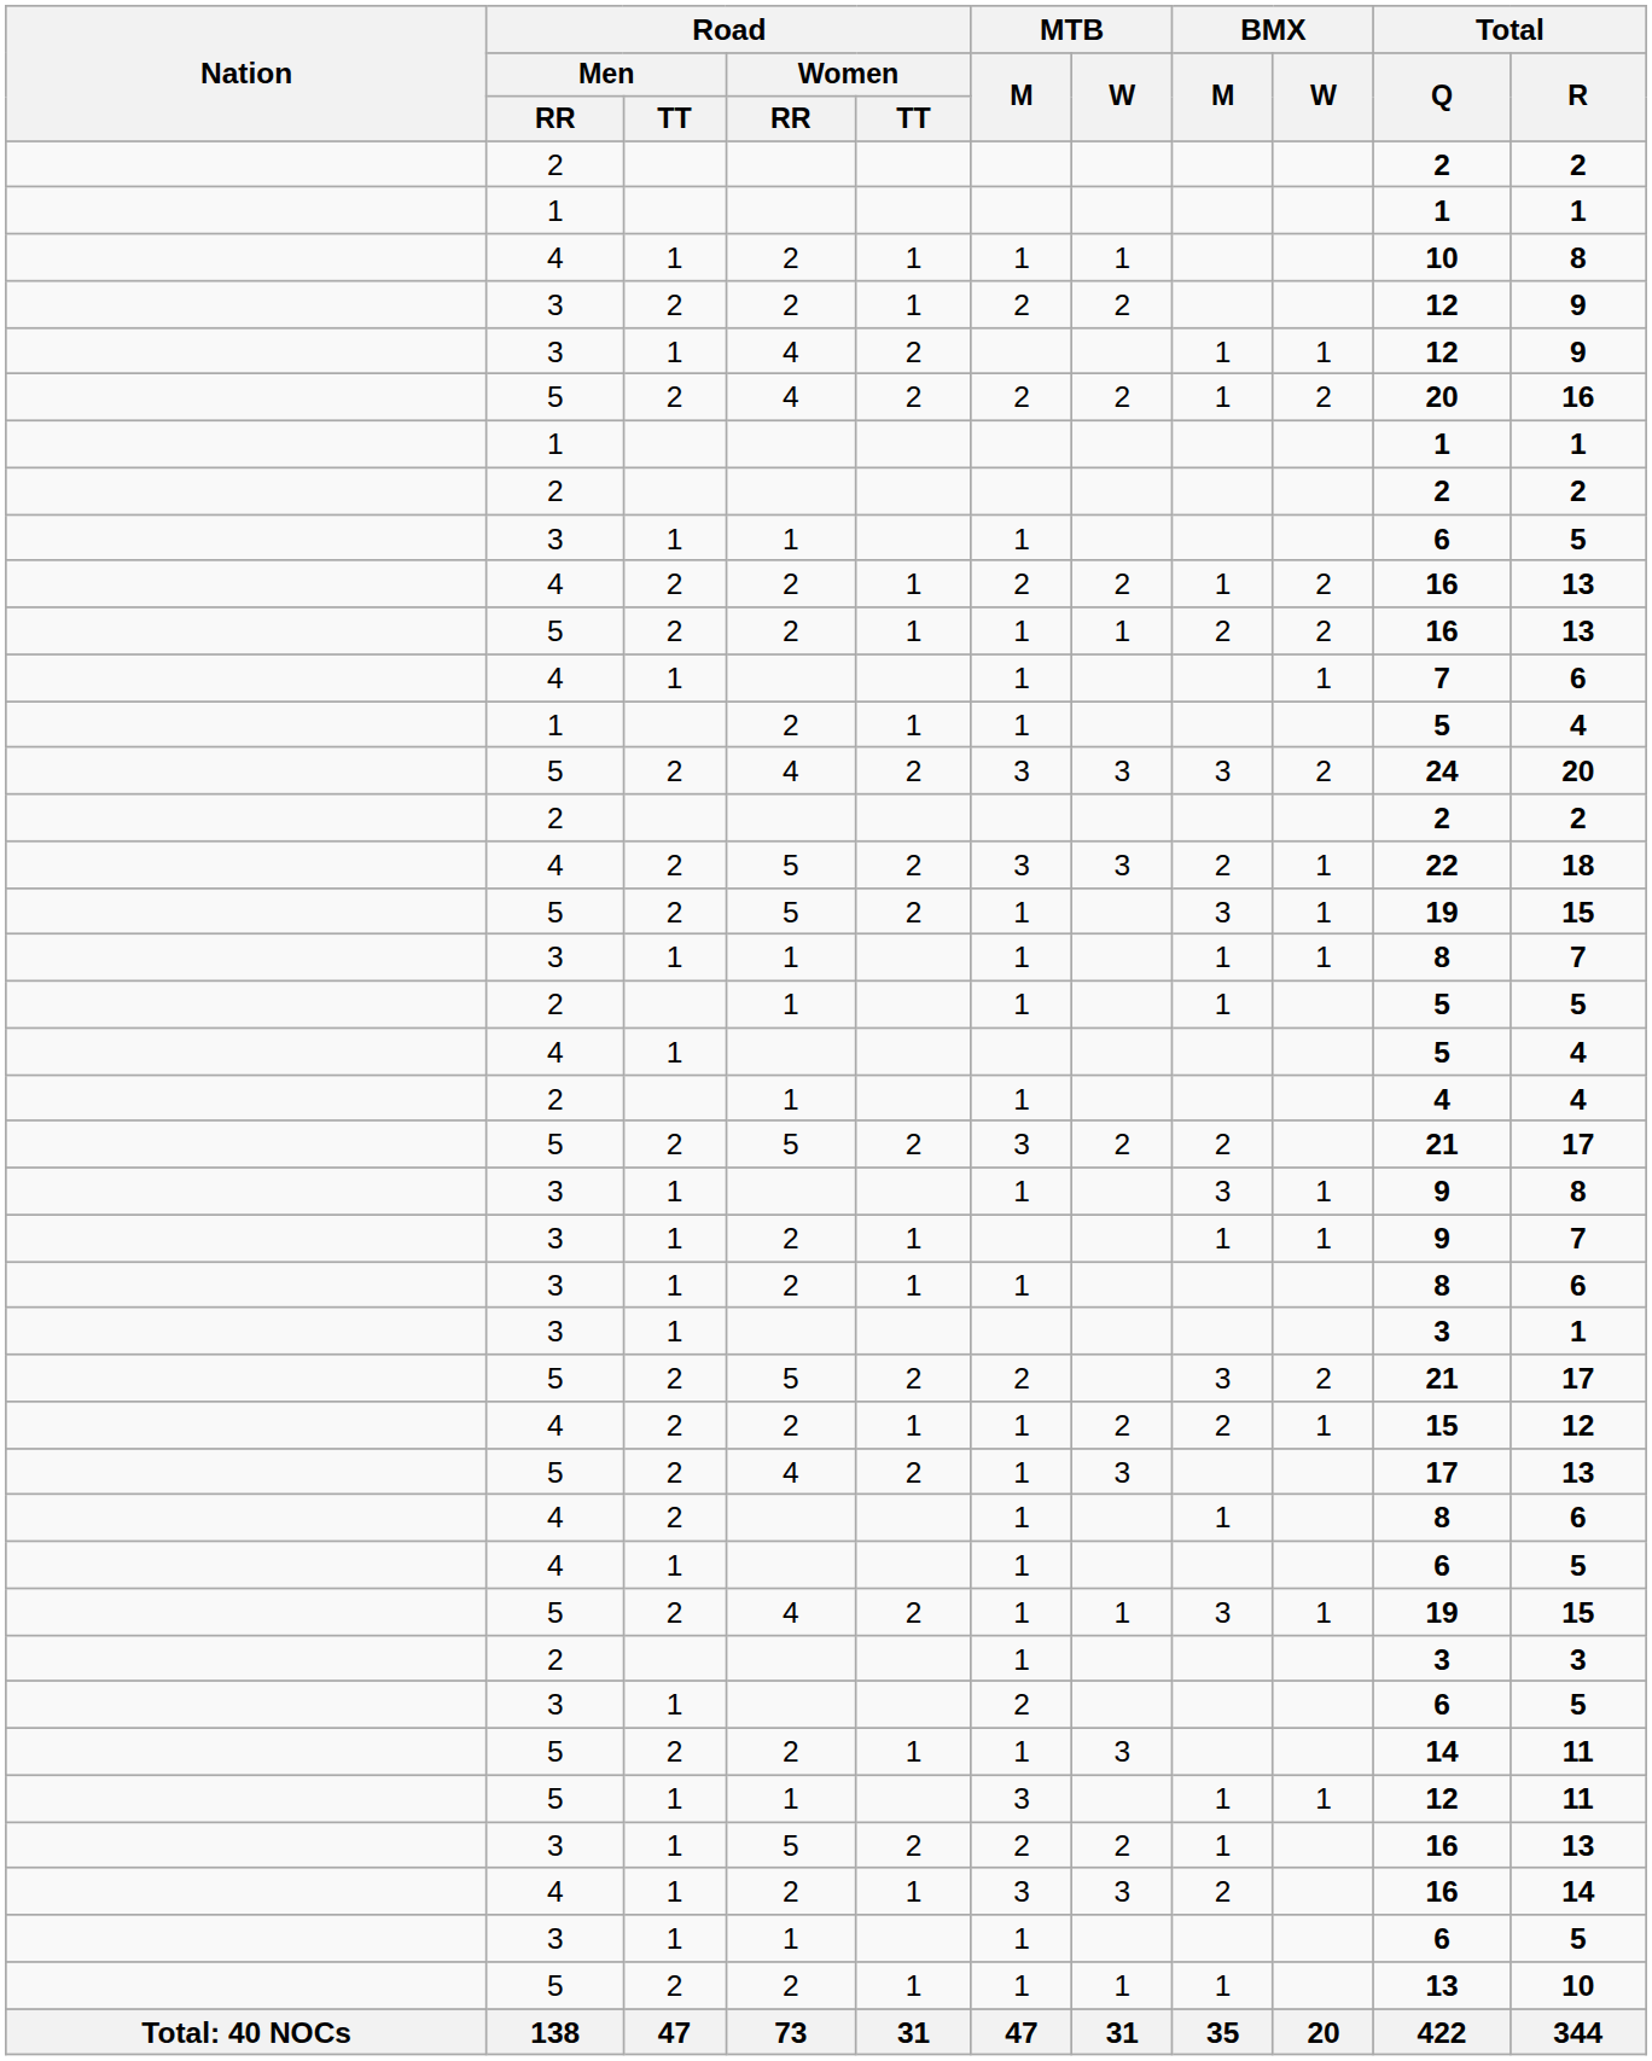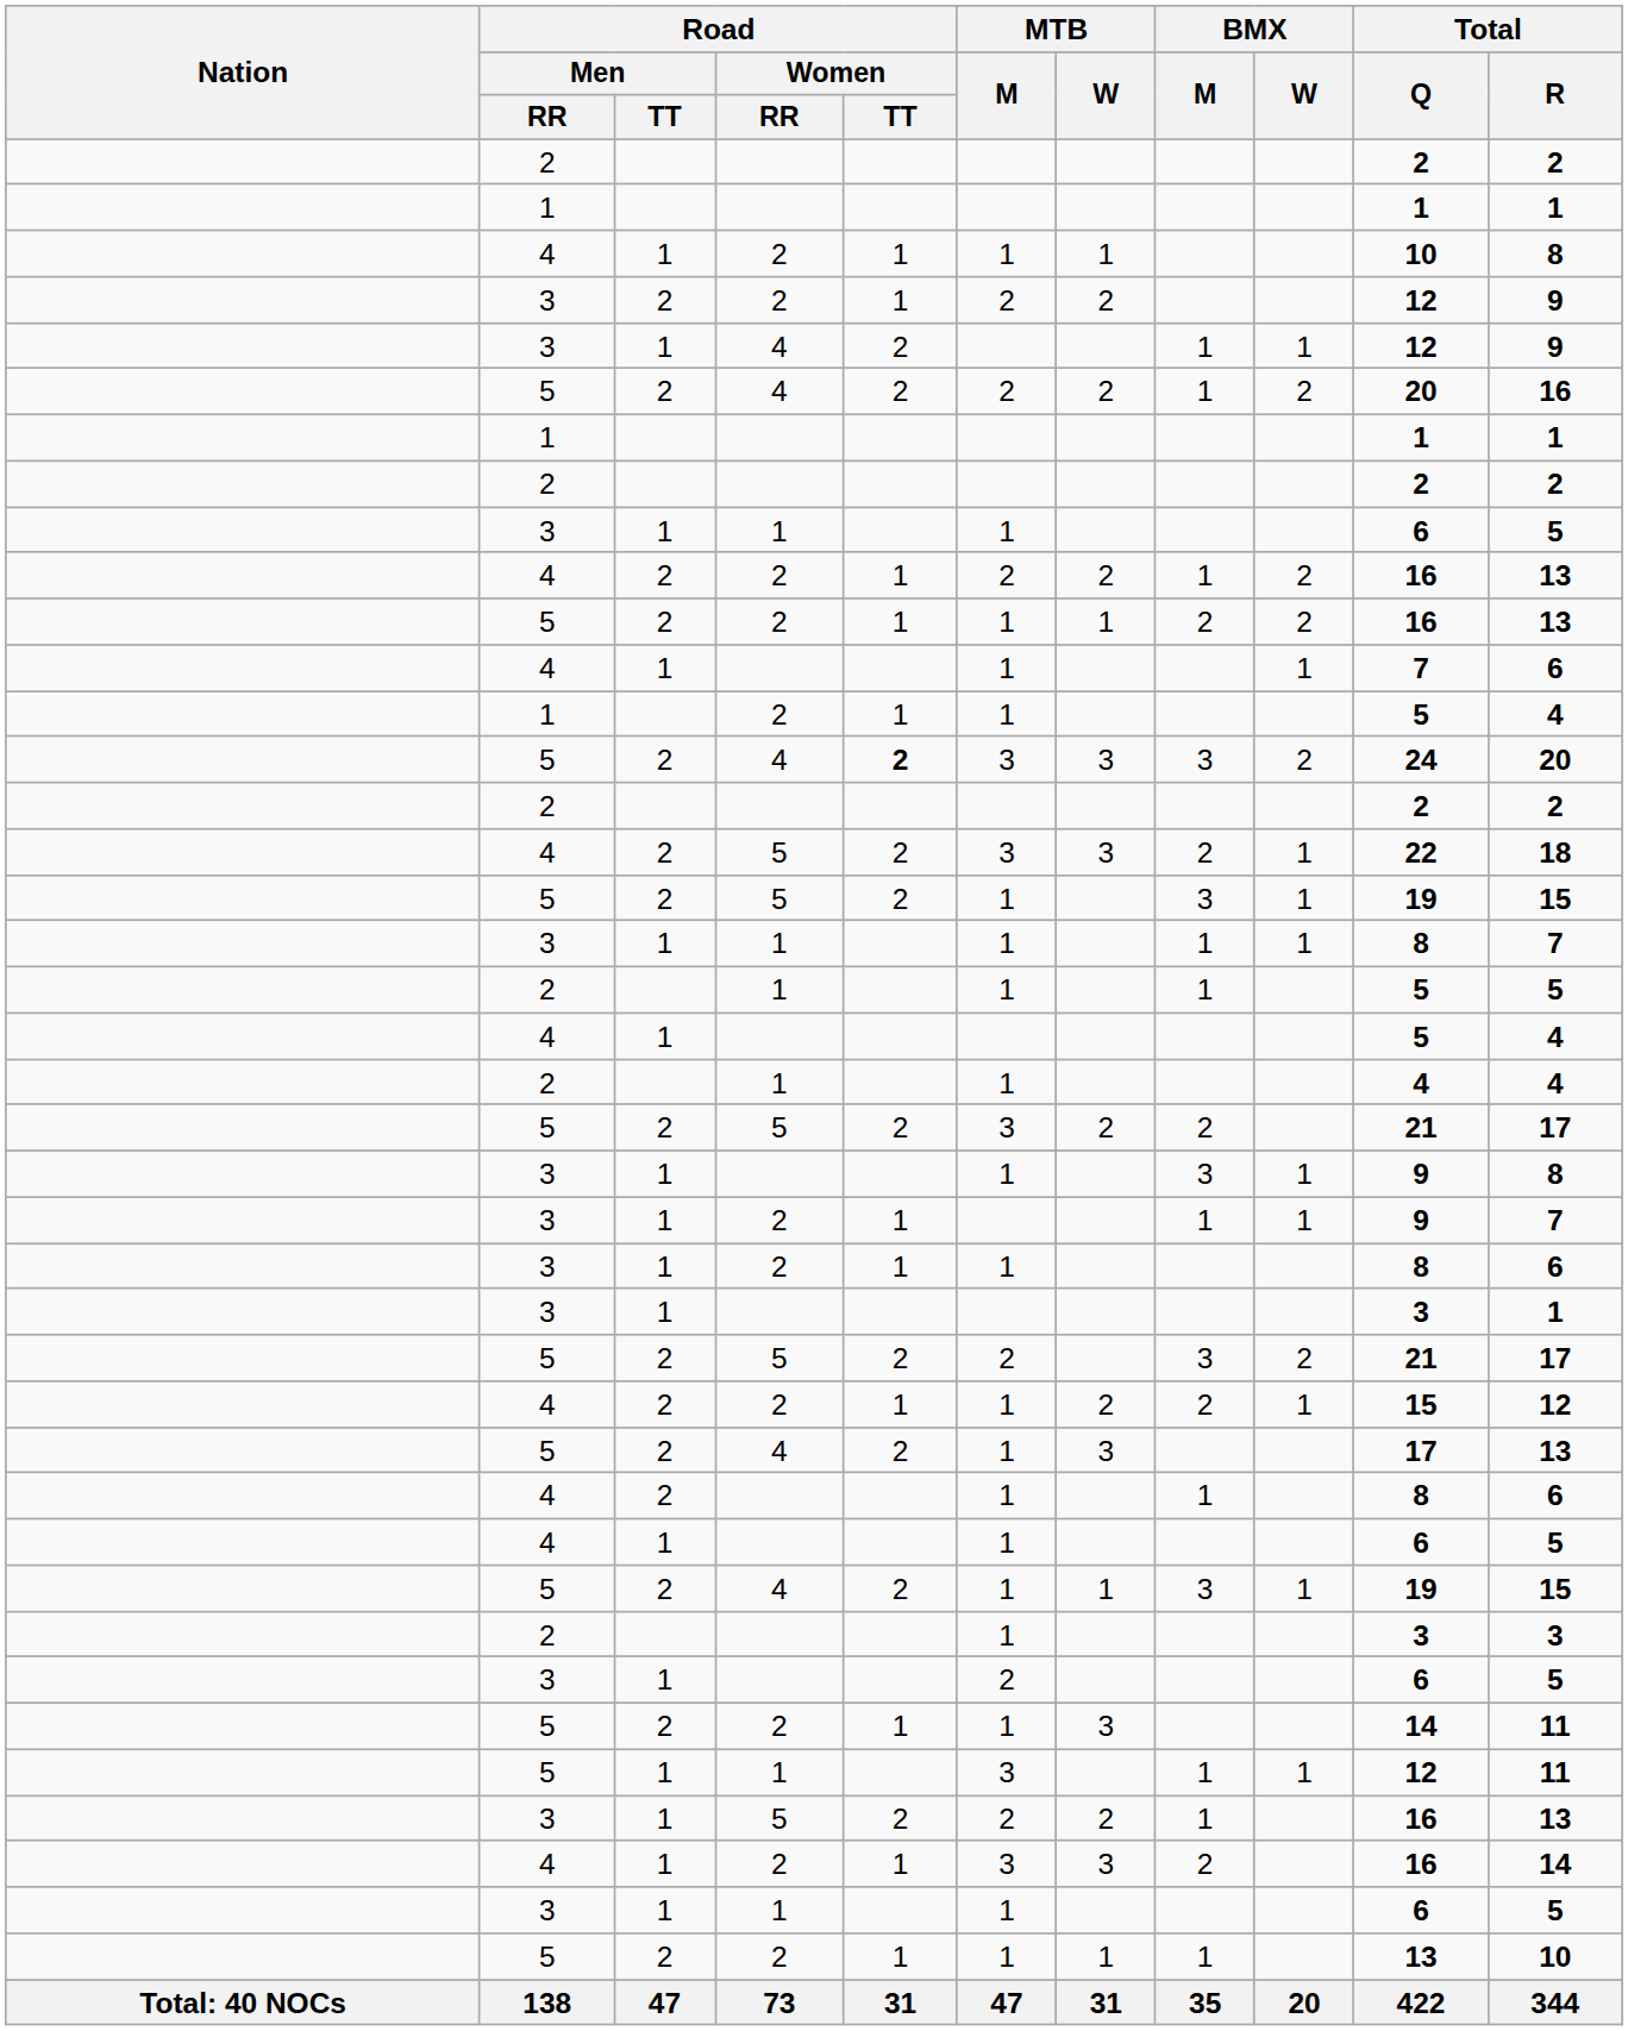 <table class="wikitable"  style="width:800px; text-align:center; font-size:90%;">
 <tr>
 <th rowspan="3">Nation</th>
 <th colspan=4>Road</th>
 <th colspan=2>MTB</th>
 <th colspan=2>BMX</th>
 <th colspan=2>Total</th>
 </tr>
 <tr style="font-size:95%">
 <th colspan=2>Men</th>
 <th colspan=2>Women</th>
 <th rowspan=2>M</th>
 <th rowspan=2>W</th>
 <th rowspan=2>M</th>
 <th rowspan=2>W</th>
 <th rowspan=2>Q</th>
 <th rowspan=2>R</th>
 </tr>
 <tr style="font-size:95%">
 <th>RR</th>
 <th>TT</th>
 <th>RR</th>
 <th>TT</th>
 </tr>
 <tr>
 <td align=left></td>
 <td>2</td>
 <td></td>
 <td></td>
 <td></td>
 <td></td>
 <td></td>
 <td></td>
 <td></td>
 <td><strong>2</strong></td>
 <td><strong>2</strong></td>
 </tr>
 <tr>
 <td align=left></td>
 <td>1</td>
 <td></td>
 <td></td>
 <td></td>
 <td></td>
 <td></td>
 <td></td>
 <td></td>
 <td><strong>1</strong></td>
 <td><strong>1</strong></td>
 </tr>
 <tr>
 <td align=left></td>
 <td>4</td>
 <td>1</td>
 <td>2</td>
 <td>1</td>
 <td>1</td>
 <td>1</td>
 <td></td>
 <td></td>
 <td><strong>10</strong></td>
 <td><strong>8</strong></td>
 </tr>
 <tr>
 <td align=left></td>
 <td>3</td>
 <td>2</td>
 <td>2</td>
 <td>1</td>
 <td>2</td>
 <td>2</td>
 <td></td>
 <td></td>
 <td><strong>12</strong></td>
 <td><strong>9</strong></td>
 </tr>
 <tr>
 <td align=left></td>
 <td>3</td>
 <td>1</td>
 <td>4</td>
 <td>2</td>
 <td></td>
 <td></td>
 <td>1</td>
 <td>1</td>
 <td><strong>12</strong></td>
 <td><strong>9</strong></td>
 </tr>
 <tr>
 <td align=left></td>
 <td>5</td>
 <td>2</td>
 <td>4</td>
 <td>2</td>
 <td>2</td>
 <td>2</td>
 <td>1</td>
 <td>2</td>
 <td><strong>20</strong></td>
 <td><strong>16</strong></td>
 </tr>
 <tr>
 <td align=left></td>
 <td>1</td>
 <td></td>
 <td></td>
 <td></td>
 <td></td>
 <td></td>
 <td></td>
 <td></td>
 <td><strong>1</strong></td>
 <td><strong>1</strong></td>
 </tr>
 <tr>
 <td align=left></td>
 <td>2</td>
 <td></td>
 <td></td>
 <td></td>
 <td></td>
 <td></td>
 <td></td>
 <td></td>
 <td><strong>2</strong></td>
 <td><strong>2</strong></td>
 </tr>
 <tr>
 <td align=left></td>
 <td>3</td>
 <td>1</td>
 <td>1</td>
 <td></td>
 <td>1</td>
 <td></td>
 <td></td>
 <td></td>
 <td><strong>6</strong></td>
 <td><strong>5</strong></td>
 </tr>
 <tr>
 <td align=left></td>
 <td>4</td>
 <td>2</td>
 <td>2</td>
 <td>1</td>
 <td>2</td>
 <td>2</td>
 <td>1</td>
 <td>2</td>
 <td><strong>16</strong></td>
 <td><strong>13</strong></td>
 </tr>
 <tr>
 <td align=left></td>
 <td>5</td>
 <td>2</td>
 <td>2</td>
 <td>1</td>
 <td>1</td>
 <td>1</td>
 <td>2</td>
 <td>2</td>
 <td><strong>16</strong></td>
 <td><strong>13</strong></td>
 </tr>
 <tr>
 <td align=left></td>
 <td>4</td>
 <td>1</td>
 <td></td>
 <td></td>
 <td>1</td>
 <td></td>
 <td></td>
 <td>1</td>
 <td><strong>7</strong></td>
 <td><strong>6</strong></td>
 </tr>
 <tr>
 <td align=left></td>
 <td>1</td>
 <td></td>
 <td>2</td>
 <td>1</td>
 <td>1</td>
 <td></td>
 <td></td>
 <td></td>
 <td><strong>5</strong></td>
 <td><strong>4</strong></td>
 </tr>
 <tr>
 <td align=left></td>
 <td>5</td>
 <td>2</td>
 <td>4</td>
-<td>2</td>
+<td><strong>2</strong></td>
 <td>3</td>
 <td>3</td>
 <td>3</td>
 <td>2</td>
 <td><strong>24</strong></td>
 <td><strong>20</strong></td>
 </tr>
 <tr>
 <td align=left></td>
 <td>2</td>
 <td></td>
 <td></td>
 <td></td>
 <td></td>
 <td></td>
 <td></td>
 <td></td>
 <td><strong>2</strong></td>
 <td><strong>2</strong></td>
 </tr>
 <tr>
 <td align=left></td>
 <td>4</td>
 <td>2</td>
 <td>5</td>
 <td>2</td>
 <td>3</td>
 <td>3</td>
 <td>2</td>
 <td>1</td>
 <td><strong>22</strong></td>
 <td><strong>18</strong></td>
 </tr>
 <tr>
 <td align=left></td>
 <td>5</td>
 <td>2</td>
 <td>5</td>
 <td>2</td>
 <td>1</td>
 <td></td>
 <td>3</td>
 <td>1</td>
 <td><strong>19</strong></td>
 <td><strong>15</strong></td>
 </tr>
 <tr>
 <td align=left></td>
 <td>3</td>
 <td>1</td>
 <td>1</td>
 <td></td>
 <td>1</td>
 <td></td>
 <td>1</td>
 <td>1</td>
 <td><strong>8</strong></td>
 <td><strong>7</strong></td>
 </tr>
 <tr>
 <td align=left></td>
 <td>2</td>
 <td></td>
 <td>1</td>
 <td></td>
 <td>1</td>
 <td></td>
 <td>1</td>
 <td></td>
 <td><strong>5</strong></td>
 <td><strong>5</strong></td>
 </tr>
 <tr>
 <td align=left></td>
 <td>4</td>
 <td>1</td>
 <td></td>
 <td></td>
 <td></td>
 <td></td>
 <td></td>
 <td></td>
 <td><strong>5</strong></td>
 <td><strong>4</strong></td>
 </tr>
 <tr>
 <td align=left></td>
 <td>2</td>
 <td></td>
 <td>1</td>
 <td></td>
 <td>1</td>
 <td></td>
 <td></td>
 <td></td>
 <td><strong>4</strong></td>
 <td><strong>4</strong></td>
 </tr>
 <tr>
 <td align=left></td>
 <td>5</td>
 <td>2</td>
 <td>5</td>
 <td>2</td>
 <td>3</td>
 <td>2</td>
 <td>2</td>
 <td></td>
 <td><strong>21</strong></td>
 <td><strong>17</strong></td>
 </tr>
 <tr>
 <td align=left></td>
 <td>3</td>
 <td>1</td>
 <td></td>
 <td></td>
 <td>1</td>
 <td></td>
 <td>3</td>
 <td>1</td>
 <td><strong>9</strong></td>
 <td><strong>8</strong></td>
 </tr>
 <tr>
 <td align=left></td>
 <td>3</td>
 <td>1</td>
 <td>2</td>
 <td>1</td>
 <td></td>
 <td></td>
 <td>1</td>
 <td>1</td>
 <td><strong>9</strong></td>
 <td><strong>7</strong></td>
 </tr>
 <tr>
 <td align=left></td>
 <td>3</td>
 <td>1</td>
 <td>2</td>
 <td>1</td>
 <td>1</td>
 <td></td>
 <td></td>
 <td></td>
 <td><strong>8</strong></td>
 <td><strong>6</strong></td>
 </tr>
 <tr>
 <td align=left></td>
 <td>3</td>
 <td>1</td>
 <td></td>
 <td></td>
 <td></td>
 <td></td>
 <td></td>
 <td></td>
 <td><strong>3</strong></td>
 <td><strong>1</strong></td>
 </tr>
 <tr>
 <td align=left></td>
 <td>5</td>
 <td>2</td>
 <td>5</td>
 <td>2</td>
 <td>2</td>
 <td></td>
 <td>3</td>
 <td>2</td>
 <td><strong>21</strong></td>
 <td><strong>17</strong></td>
 </tr>
 <tr>
 <td align=left></td>
 <td>4</td>
 <td>2</td>
 <td>2</td>
 <td>1</td>
 <td>1</td>
 <td>2</td>
 <td>2</td>
 <td>1</td>
 <td><strong>15</strong></td>
 <td><strong>12</strong></td>
 </tr>
 <tr>
 <td align=left></td>
 <td>5</td>
 <td>2</td>
 <td>4</td>
 <td>2</td>
 <td>1</td>
 <td>3</td>
 <td></td>
 <td></td>
 <td><strong>17</strong></td>
 <td><strong>13</strong></td>
 </tr>
 <tr>
 <td align=left></td>
 <td>4</td>
 <td>2</td>
 <td></td>
 <td></td>
 <td>1</td>
 <td></td>
 <td>1</td>
 <td></td>
 <td><strong>8</strong></td>
 <td><strong>6</strong></td>
 </tr>
 <tr>
 <td align=left></td>
 <td>4</td>
 <td>1</td>
 <td></td>
 <td></td>
 <td>1</td>
 <td></td>
 <td></td>
 <td></td>
 <td><strong>6</strong></td>
 <td><strong>5</strong></td>
 </tr>
 <tr>
 <td align=left></td>
 <td>5</td>
 <td>2</td>
 <td>4</td>
 <td>2</td>
 <td>1</td>
 <td>1</td>
 <td>3</td>
 <td>1</td>
 <td><strong>19</strong></td>
 <td><strong>15</strong></td>
 </tr>
 <tr>
 <td align=left></td>
 <td>2</td>
 <td></td>
 <td></td>
 <td></td>
 <td>1</td>
 <td></td>
 <td></td>
 <td></td>
 <td><strong>3</strong></td>
 <td><strong>3</strong></td>
 </tr>
 <tr>
 <td align=left></td>
 <td>3</td>
 <td>1</td>
 <td></td>
 <td></td>
 <td>2</td>
 <td></td>
 <td></td>
 <td></td>
 <td><strong>6</strong></td>
 <td><strong>5</strong></td>
 </tr>
 <tr>
 <td align=left></td>
 <td>5</td>
 <td>2</td>
 <td>2</td>
 <td>1</td>
 <td>1</td>
 <td>3</td>
 <td></td>
 <td></td>
 <td><strong>14</strong></td>
 <td><strong>11</strong></td>
 </tr>
 <tr>
 <td align=left></td>
 <td>5</td>
 <td>1</td>
 <td>1</td>
 <td></td>
 <td>3</td>
 <td></td>
 <td>1</td>
 <td>1</td>
 <td><strong>12</strong></td>
 <td><strong>11</strong></td>
 </tr>
 <tr>
 <td align=left></td>
 <td>3</td>
 <td>1</td>
 <td>5</td>
 <td>2</td>
 <td>2</td>
 <td>2</td>
 <td>1</td>
 <td></td>
 <td><strong>16</strong></td>
 <td><strong>13</strong></td>
 </tr>
 <tr>
 <td align=left></td>
 <td>4</td>
 <td>1</td>
 <td>2</td>
 <td>1</td>
 <td>3</td>
 <td>3</td>
 <td>2</td>
 <td></td>
 <td><strong>16</strong></td>
 <td><strong>14</strong></td>
 </tr>
 <tr>
 <td align=left></td>
 <td>3</td>
 <td>1</td>
 <td>1</td>
 <td></td>
 <td>1</td>
 <td></td>
 <td></td>
 <td></td>
 <td><strong>6</strong></td>
 <td><strong>5</strong></td>
 </tr>
 <tr>
 <td align=left></td>
 <td>5</td>
 <td>2</td>
 <td>2</td>
 <td>1</td>
 <td>1</td>
 <td>1</td>
 <td>1</td>
 <td></td>
 <td><strong>13</strong></td>
 <td><strong>10</strong></td>
 </tr>
 <tr>
 <th>Total: 40 NOCs</th>
 <th>138</th>
 <th>47</th>
 <th>73</th>
 <th>31</th>
 <th>47</th>
 <th>31</th>
 <th>35</th>
 <th>20</th>
 <th>422</th>
 <th>344</th>
 </tr>
 </table>
